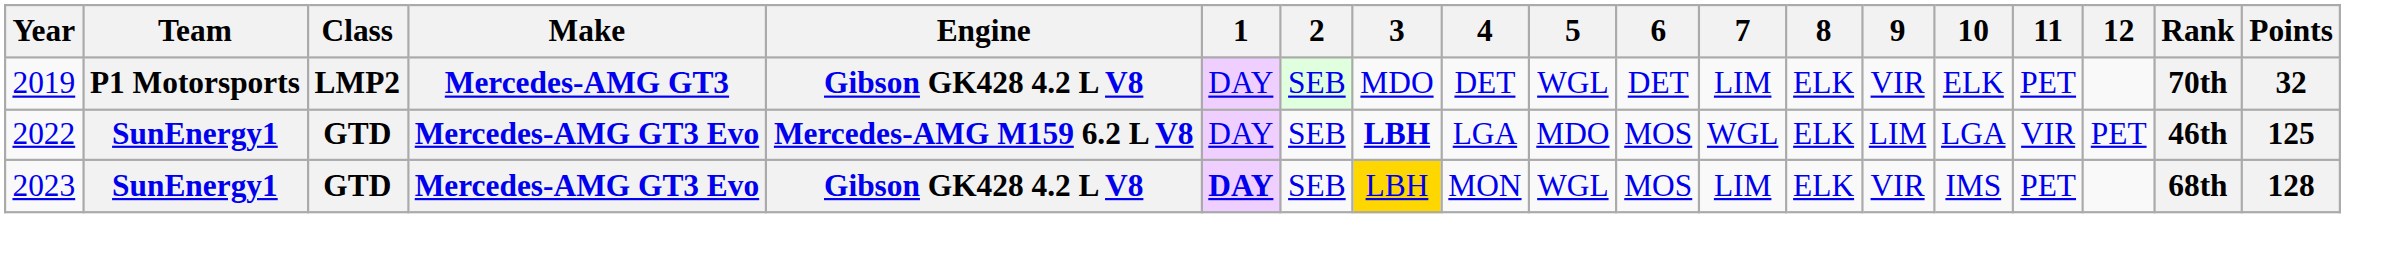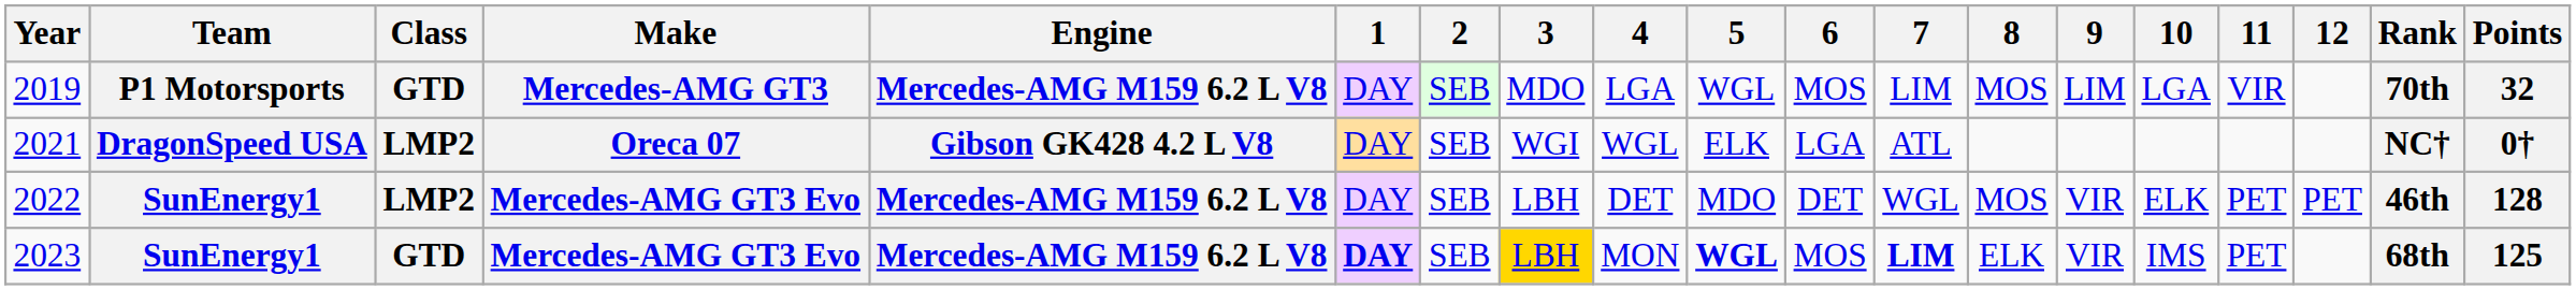 <table class="wikitable" style="text-align:center; font-size:90%">
 <tr>
 <th>Year</th>
 <th>Team</th>
 <th>Class</th>
 <th>Make</th>
 <th>Engine</th>
 <th>1</th>
 <th>2</th>
 <th>3</th>
 <th>4</th>
 <th>5</th>
 <th>6</th>
 <th>7</th>
 <th>8</th>
 <th>9</th>
 <th>10</th>
 <th>11</th>
 <th>12</th>
 <th>Rank</th>
 <th>Points</th>
 </tr>
 <tr>
 <td><a href='#'>2019</a></td>
 <th>P1 Motorsports</th>
-<th>LMP2</th>
+<th>GTD</th>
 <th><a href='#'>Mercedes-AMG GT3</a></th>
-<th><a href='#'>Gibson</a> GK428 4.2 L <a href='#'>V8</a></th>
+<th><a href='#'>Mercedes-AMG M159</a> 6.2 L <a href='#'>V8</a></th>
 <td style="background:#EFCFFF;"><a href='#'>DAY</a><br></td>
 <td style="background:#DFFFDF;"><a href='#'>SEB</a><br></td>
 <td style="background:#;"><a href='#'>MDO</a><br></td>
-<td style="background:#;"><a href='#'>DET</a><br></td>
+<td style="background:#;”"><a href='#'>LGA</a><br></td>
 <td style="background:#;"><a href='#'>WGL</a><br></td>
-<td style="background:#;”"><a href='#'>DET</a><br></td>
+<td style="background:#;"><a href='#'>MOS</a><br></td>
 <td style="background:#;"><a href='#'>LIM</a><br></td>
-<td style="background:#;"><a href='#'>ELK</a><br></td>
-<td style="background:#;"><a href='#'>VIR</a><br></td>
-<td style="background:#;”"><a href='#'>ELK</a><br></td>
-<td style="background:#;"><a href='#'>PET</a><br></td>
+<td style="background:#;”"><a href='#'>MOS</a><br></td>
+<td style="background:#;”"><a href='#'>LIM</a><br></td>
+<td style="background:#;"><a href='#'>LGA</a><br></td>
+<td style="background:#;”"><a href='#'>VIR</a><br></td>
 <td></td>
 <th>70th</th>
 <th>32</th>
 </tr>
 <tr>
+<td><a href='#'>2021</a></td>
+<th><a href='#'>DragonSpeed USA</a></th>
+<th>LMP2</th>
+<th><a href='#'>Oreca 07</a></th>
+<th><a href='#'>Gibson</a> GK428 4.2 L <a href='#'>V8</a></th>
+<td style="background:#FFDF9F;"><a href='#'>DAY</a><br></td>
+<td style="background:#;"><a href='#'>SEB</a><br></td>
+<td style="background:#;"><a href='#'>WGI</a><br></td>
+<td style="background:#;"><a href='#'>WGL</a><br></td>
+<td style="background:#;"><a href='#'>ELK</a><br></td>
+<td style="background:#;"><a href='#'>LGA</a><br></td>
+<td style="background:#;"><a href='#'>ATL</a><br></td>
+<td></td>
+<td></td>
+<td></td>
+<td></td>
+<td></td>
+<th>NC†</th>
+<th>0†</th>
+</tr>
+<tr>
 <td><a href='#'>2022</a></td>
 <th><a href='#'>SunEnergy1</a></th>
-<th>GTD</th>
+<th>LMP2</th>
 <th><a href='#'>Mercedes-AMG GT3 Evo</a></th>
 <th><a href='#'>Mercedes-AMG M159</a> 6.2 L <a href='#'>V8</a></th>
 <td style="background:#EFCFFF;"><a href='#'>DAY</a><br></td>
 <td style="background:#;”"><a href='#'>SEB</a><br></td>
-<td style="background:#;”"><strong><a href='#'>LBH</a><br></strong></td>
-<td style="background:#;”"><a href='#'>LGA</a><br></td>
+<td style="background:#;”"><a href='#'>LBH</a><br></td>
+<td style="background:#;"><a href='#'>DET</a><br></td>
 <td style="background:#;”"><a href='#'>MDO</a><br></td>
-<td style="background:#;"><a href='#'>MOS</a><br></td>
+<td style="background:#;”"><a href='#'>DET</a><br></td>
 <td style="background:#;”"><a href='#'>WGL</a><br></td>
-<td style="background:#;"><a href='#'>ELK</a><br></td>
-<td style="background:#;”"><a href='#'>LIM</a><br></td>
-<td style="background:#;"><a href='#'>LGA</a><br></td>
-<td style="background:#;”"><a href='#'>VIR</a><br></td>
+<td style="background:#;”"><a href='#'>MOS</a><br></td>
+<td style="background:#;"><a href='#'>VIR</a><br></td>
+<td style="background:#;”"><a href='#'>ELK</a><br></td>
+<td style="background:#;"><a href='#'>PET</a><br></td>
 <td style="background:#;”"><a href='#'>PET</a><br></td>
 <th>46th</th>
-<th>125</th>
+<th>128</th>
 </tr>
 <tr>
 <td><a href='#'>2023</a></td>
 <th><a href='#'>SunEnergy1</a></th>
 <th>GTD</th>
 <th><a href='#'>Mercedes-AMG GT3 Evo</a></th>
-<th><a href='#'>Gibson</a> GK428 4.2 L <a href='#'>V8</a></th>
+<th><a href='#'>Mercedes-AMG M159</a> 6.2 L <a href='#'>V8</a></th>
 <td style="background:#efcfff;"><strong><a href='#'>DAY</a></strong><br></td>
 <td><a href='#'>SEB</a></td>
 <td style="background: gold;"><a href='#'>LBH</a></td>
 <td><a href='#'>MON</a></td>
-<td><a href='#'>WGL</a></td>
+<td><strong><a href='#'>WGL</a></strong></td>
 <td><a href='#'>MOS</a></td>
-<td><a href='#'>LIM</a></td>
+<td><strong><a href='#'>LIM</a></strong></td>
 <td><a href='#'>ELK</a></td>
 <td><a href='#'>VIR</a></td>
 <td><a href='#'>IMS</a></td>
 <td><a href='#'>PET</a></td>
 <td></td>
 <th>68th</th>
-<th>128</th>
+<th>125</th>
 </tr>
 </table>
